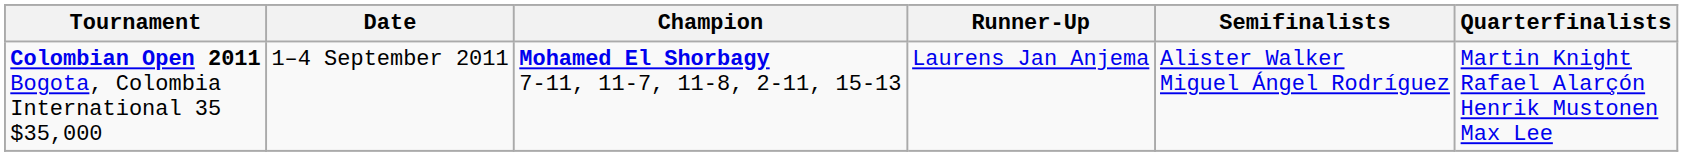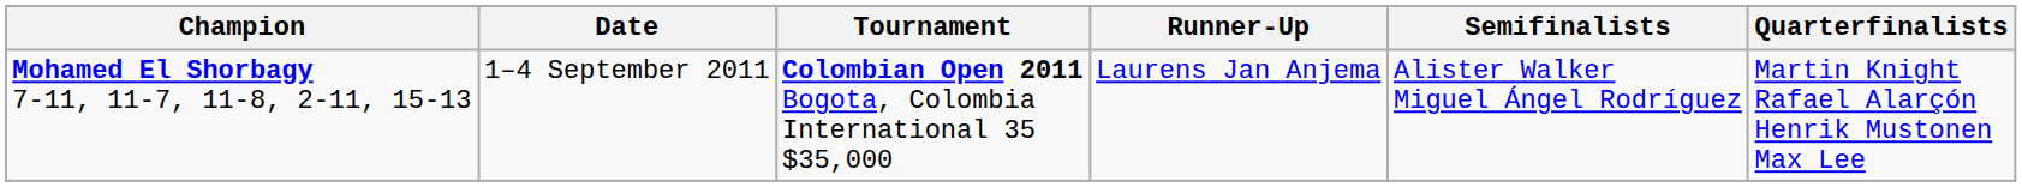 <table class="wikitable" style="font-size:88%">
 <tr>
+<th>Champion</th>
+<th>Date</th>
 <th>Tournament</th>
-<th>Date</th>
-<th>Champion</th>
 <th>Runner-Up</th>
 <th>Semifinalists</th>
 <th>Quarterfinalists</th>
 </tr>
 <tr valign=top>
+<td> <strong><a href='#'>Mohamed El Shorbagy</a></strong><br>7-11, 11-7, 11-8, 2-11, 15-13</td>
+<td>1–4 September 2011</td>
 <td><strong><a href='#'>Colombian Open</a> 2011</strong><br> <a href='#'>Bogota</a>, Colombia<br>International 35<br>$35,000</td>
-<td>1–4 September 2011</td>
-<td> <strong><a href='#'>Mohamed El Shorbagy</a></strong><br>7-11, 11-7, 11-8, 2-11, 15-13</td>
 <td> <a href='#'>Laurens Jan Anjema</a></td>
 <td> <a href='#'>Alister Walker</a><br> <a href='#'>Miguel Ángel Rodríguez</a></td>
 <td> <a href='#'>Martin Knight</a><br> <a href='#'>Rafael Alarçón</a><br> <a href='#'>Henrik Mustonen</a><br> <a href='#'>Max Lee</a></td>
 </tr>
 </table>
